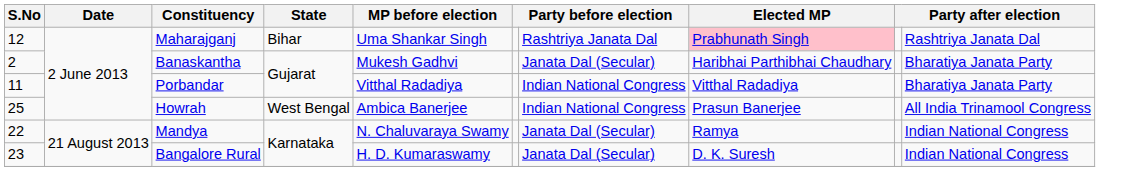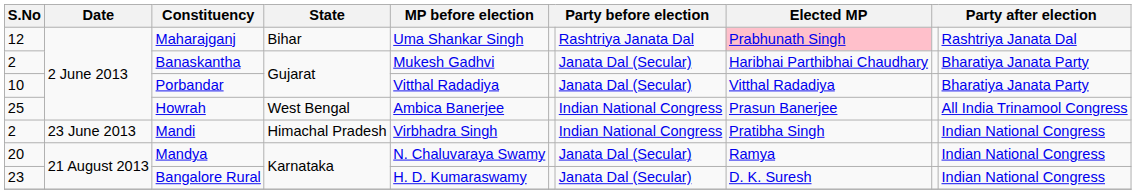 <table class="wikitable sortable">
 <tr>
 <th>S.No</th>
 <th>Date</th>
 <th>Constituency</th>
 <th>State</th>
 <th>MP before election</th>
 <th colspan="2">Party before election</th>
 <th>Elected MP</th>
 <th colspan="2">Party after election</th>
 </tr>
 <tr>
 <td>12</td>
 <td Rowspan=4>2 June 2013</td>
 <td><a href='#'>Maharajganj</a></td>
 <td>Bihar</td>
 <td><a href='#'>Uma Shankar Singh</a></td>
 <td></td>
 <td><a href='#'>Rashtriya Janata Dal</a></td>
 <td style="background: pink;"><a href='#'>Prabhunath Singh</a></td>
 <td></td>
 <td><a href='#'>Rashtriya Janata Dal</a></td>
 </tr>
 <tr>
 <td>2</td>
 <td><a href='#'>Banaskantha</a></td>
 <td Rowspan=2>Gujarat</td>
 <td><a href='#'>Mukesh Gadhvi</a></td>
 <td></td>
 <td><a href='#'>Janata Dal (Secular)</a></td>
 <td><a href='#'>Haribhai Parthibhai Chaudhary</a></td>
 <td></td>
 <td><a href='#'>Bharatiya Janata Party</a></td>
 </tr>
 <tr>
-<td>11</td>
+<td>10</td>
 <td><a href='#'>Porbandar</a></td>
 <td><a href='#'>Vitthal Radadiya</a></td>
 <td></td>
-<td><a href='#'>Indian National Congress</a></td>
+<td><a href='#'>Janata Dal (Secular)</a></td>
 <td><a href='#'>Vitthal Radadiya</a></td>
 <td></td>
 <td><a href='#'>Bharatiya Janata Party</a></td>
 </tr>
 <tr>
 <td>25</td>
 <td><a href='#'>Howrah</a></td>
 <td>West Bengal</td>
 <td><a href='#'>Ambica Banerjee</a></td>
 <td></td>
 <td><a href='#'>Indian National Congress</a></td>
 <td><a href='#'>Prasun Banerjee</a></td>
 <td></td>
 <td><a href='#'>All India Trinamool Congress</a></td>
 </tr>
 <tr>
-<td>22</td>
+<td>2</td>
+<td>23 June 2013</td>
+<td><a href='#'>Mandi</a></td>
+<td>Himachal Pradesh</td>
+<td><a href='#'>Virbhadra Singh</a></td>
+<td></td>
+<td><a href='#'>Indian National Congress</a></td>
+<td><a href='#'>Pratibha Singh</a></td>
+<td></td>
+<td><a href='#'>Indian National Congress</a></td>
+</tr>
+<tr>
+<td>20</td>
 <td Rowspan=2>21 August 2013</td>
 <td><a href='#'>Mandya</a></td>
 <td Rowspan=2>Karnataka</td>
 <td><a href='#'>N. Chaluvaraya Swamy</a></td>
 <td></td>
 <td><a href='#'>Janata Dal (Secular)</a></td>
 <td><a href='#'>Ramya</a></td>
 <td></td>
 <td><a href='#'>Indian National Congress</a></td>
 </tr>
 <tr>
 <td>23</td>
 <td><a href='#'>Bangalore Rural</a></td>
 <td><a href='#'>H. D. Kumaraswamy</a></td>
 <td></td>
 <td><a href='#'>Janata Dal (Secular)</a></td>
 <td><a href='#'>D. K. Suresh</a></td>
 <td></td>
 <td><a href='#'>Indian National Congress</a></td>
 </tr>
 <tr>
 </tr>
 </table>
